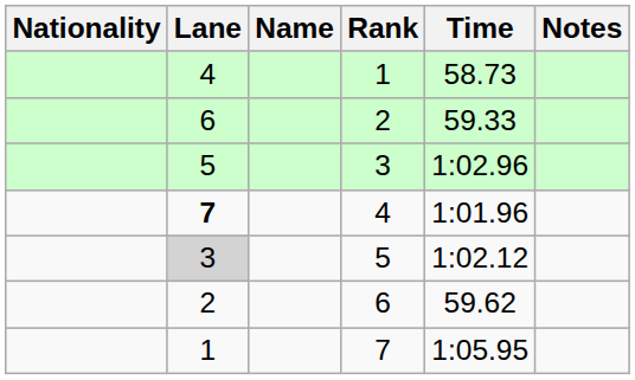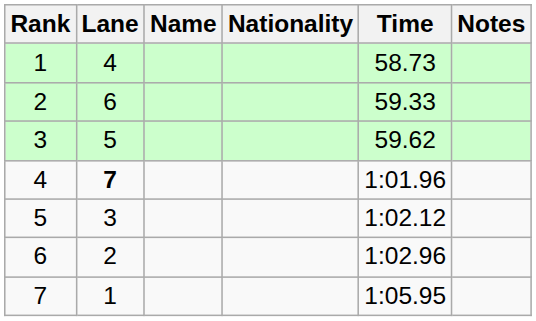 <table class="wikitable sortable" style="text-align:center">
 <tr>
-<th>Nationality</th>
+<th>Rank</th>
 <th>Lane</th>
 <th>Name</th>
-<th>Rank</th>
+<th>Nationality</th>
 <th>Time</th>
 <th>Notes</th>
 </tr>
 <tr bgcolor=ccffcc>
-<td align=left></td>
+<td>1</td>
 <td>4</td>
 <td align=left></td>
-<td>1</td>
+<td align=left></td>
 <td>58.73</td>
 <td><strong></strong></td>
 </tr>
 <tr bgcolor=ccffcc>
-<td align=left></td>
+<td>2</td>
 <td>6</td>
 <td align=left></td>
-<td>2</td>
+<td align=left></td>
 <td>59.33</td>
 <td><strong></strong></td>
 </tr>
 <tr bgcolor=ccffcc>
-<td align=left></td>
+<td>3</td>
 <td>5</td>
 <td align=left></td>
-<td>3</td>
-<td>1:02.96</td>
+<td align=left></td>
+<td>59.62</td>
 <td><strong></strong></td>
 </tr>
 <tr>
-<td align=left></td>
+<td>4</td>
 <td><strong>7</strong></td>
 <td align=left></td>
-<td>4</td>
+<td align=left></td>
 <td>1:01.96</td>
 <td></td>
 </tr>
 <tr>
+<td>5</td>
+<td>3</td>
 <td align=left></td>
-<td style="background: lightgrey;">3</td>
 <td align=left></td>
-<td>5</td>
 <td>1:02.12</td>
 <td></td>
 </tr>
 <tr>
-<td align=left></td>
+<td>6</td>
 <td>2</td>
 <td align=left></td>
-<td>6</td>
-<td>59.62</td>
+<td align=left></td>
+<td>1:02.96</td>
 <td></td>
 </tr>
 <tr>
-<td align=left></td>
+<td>7</td>
 <td>1</td>
 <td align=left></td>
-<td>7</td>
+<td align=left></td>
 <td>1:05.95</td>
 <td></td>
 </tr>
 </table>
